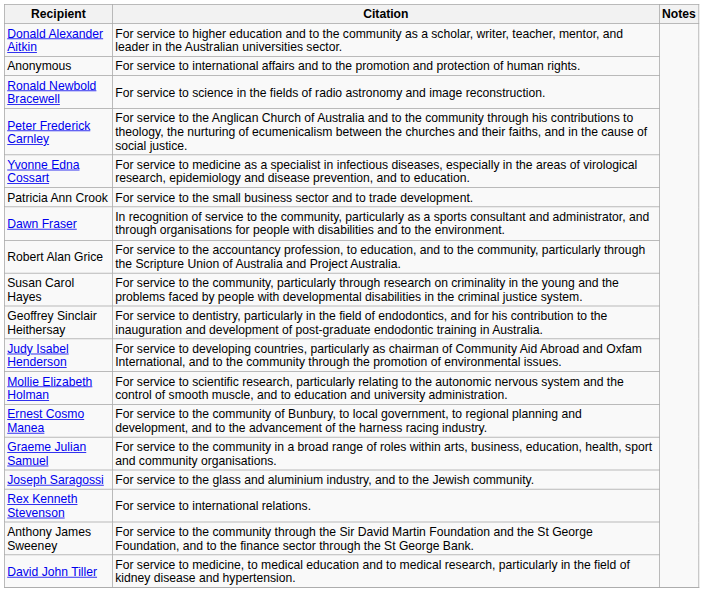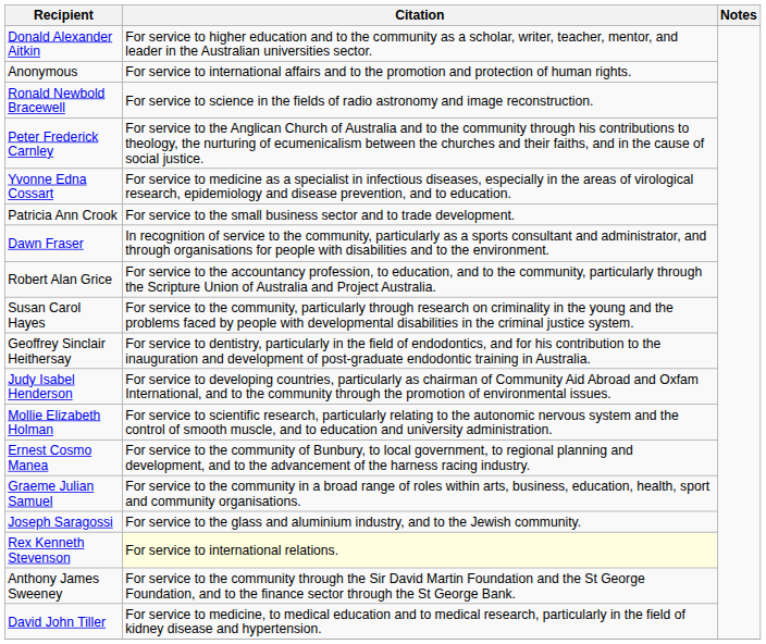 <table class="wikitable" style="font-size:95%;">
 <tr>
 <th>Recipient</th>
 <th>Citation</th>
 <th>Notes</th>
 </tr>
 <tr>
 <td> <a href='#'>Donald Alexander Aitkin</a></td>
 <td>For service to higher education and to the community as a scholar, writer, teacher, mentor, and leader in the Australian universities sector.</td>
 <td rowspan=18></td>
 </tr>
 <tr>
 <td>Anonymous</td>
 <td>For service to international affairs and to the promotion and protection of human rights.</td>
 </tr>
 <tr>
 <td> <a href='#'>Ronald Newbold Bracewell</a></td>
 <td>For service to science in the fields of radio astronomy and image reconstruction.</td>
 </tr>
 <tr>
 <td> <a href='#'>Peter Frederick Carnley</a></td>
 <td>For service to the Anglican Church of Australia and to the community through his contributions to theology, the nurturing of ecumenicalism between the churches and their faiths, and in the cause of social justice.</td>
 </tr>
 <tr>
 <td> <a href='#'>Yvonne Edna Cossart</a></td>
 <td>For service to medicine as a specialist in infectious diseases, especially in the areas of virological research, epidemiology and disease prevention, and to education.</td>
 </tr>
 <tr>
 <td>Patricia Ann Crook</td>
 <td>For service to the small business sector and to trade development.</td>
 </tr>
 <tr>
 <td><a href='#'>Dawn Fraser</a> </td>
 <td>In recognition of service to the community, particularly as a sports consultant and administrator, and through organisations for people with disabilities and to the environment.</td>
 </tr>
 <tr>
 <td>Robert Alan Grice</td>
 <td>For service to the accountancy profession, to education, and to the community, particularly through the Scripture Union of Australia and Project Australia.</td>
 </tr>
 <tr>
 <td> Susan Carol Hayes</td>
 <td>For service to the community, particularly through research on criminality in the young and the problems faced by people with developmental disabilities in the criminal justice system.</td>
 </tr>
 <tr>
 <td> Geoffrey Sinclair Heithersay</td>
 <td>For service to dentistry, particularly in the field of endodontics, and for his contribution to the inauguration and development of post-graduate endodontic training in Australia.</td>
 </tr>
 <tr>
 <td> <a href='#'>Judy Isabel Henderson</a></td>
 <td>For service to developing countries, particularly as chairman of Community Aid Abroad and Oxfam International, and to the community through the promotion of environmental issues.</td>
 </tr>
 <tr>
 <td> <a href='#'>Mollie Elizabeth Holman</a></td>
 <td>For service to scientific research, particularly relating to the autonomic nervous system and the control of smooth muscle, and to education and university administration.</td>
 </tr>
 <tr>
 <td> <a href='#'>Ernest Cosmo Manea</a> </td>
 <td>For service to the community of Bunbury, to local government, to regional planning and development, and to the advancement of the harness racing industry.</td>
 </tr>
 <tr>
 <td><a href='#'>Graeme Julian Samuel</a></td>
 <td>For service to the community in a broad range of roles within arts, business, education, health, sport and community organisations.</td>
 </tr>
 <tr>
 <td><a href='#'>Joseph Saragossi</a></td>
 <td>For service to the glass and aluminium industry, and to the Jewish community.</td>
 </tr>
 <tr>
 <td><a href='#'>Rex Kenneth Stevenson</a></td>
-<td>For service to international relations.</td>
+<td style="background: lightyellow;">For service to international relations.</td>
 </tr>
 <tr>
 <td> Anthony James Sweeney</td>
 <td>For service to the community through the Sir David Martin Foundation and the St George Foundation, and to the finance sector through the St George Bank.</td>
 </tr>
 <tr>
 <td> <a href='#'>David John Tiller</a></td>
 <td>For service to medicine, to medical education and to medical research, particularly in the field of kidney disease and hypertension.</td>
 </tr>
 <tr>
 </tr>
 </table>
